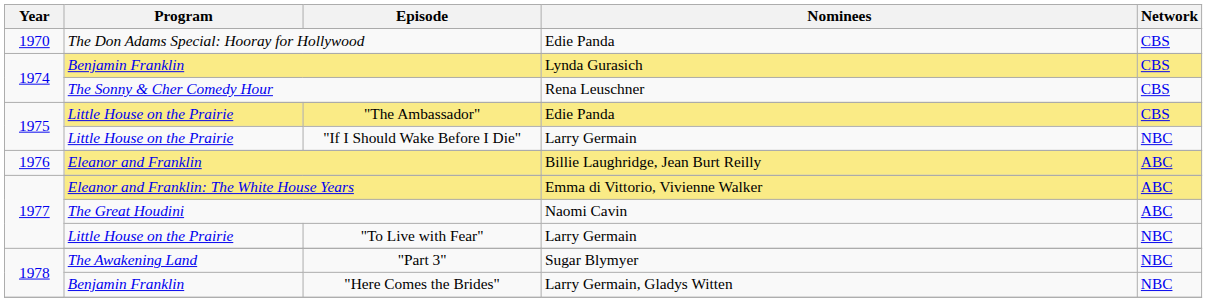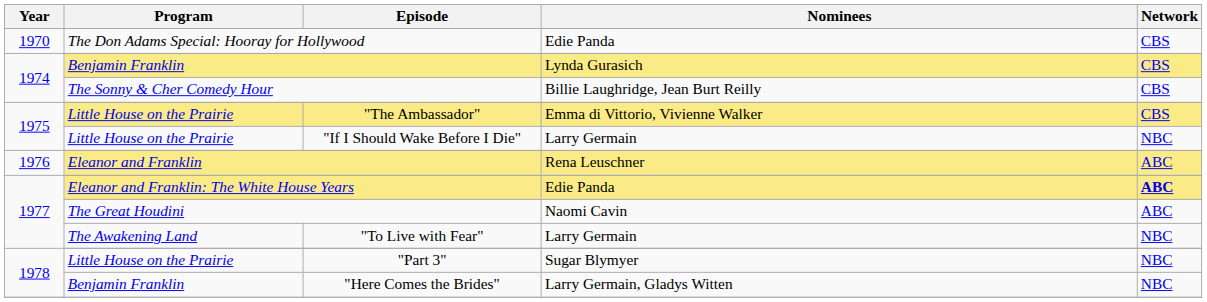 <table class="wikitable">
 <tr>
 <th width="5%">Year</th>
 <th width="20%">Program</th>
 <th width="20%">Episode</th>
 <th width="50%">Nominees</th>
 <th width="5%">Network</th>
 </tr>
 <tr>
 <td rowspan="2" style="text-align:center;"><a href='#'>1970</a></td>
 </tr>
 <tr>
 <td colspan=2><em>The Don Adams Special: Hooray for Hollywood</em></td>
 <td>Edie Panda</td>
 <td><a href='#'>CBS</a></td>
 </tr>
 <tr>
 <td rowspan="3" style="text-align:center;"><a href='#'>1974</a><br></td>
 </tr>
 <tr style="background:#FAEB86;">
 <td colspan=2><em><a href='#'>Benjamin Franklin</a></em></td>
 <td>Lynda Gurasich</td>
 <td><a href='#'>CBS</a></td>
 </tr>
 <tr>
 <td colspan=2><em><a href='#'>The Sonny & Cher Comedy Hour</a></em></td>
-<td>Rena Leuschner</td>
+<td>Billie Laughridge, Jean Burt Reilly</td>
 <td><a href='#'>CBS</a></td>
 </tr>
 <tr>
 <td rowspan="3" style="text-align:center;"><a href='#'>1975</a><br></td>
 </tr>
 <tr style="background:#FAEB86;">
 <td><em><a href='#'>Little House on the Prairie</a></em></td>
 <td align=center>"The Ambassador"</td>
-<td>Edie Panda</td>
+<td>Emma di Vittorio, Vivienne Walker</td>
 <td><a href='#'>CBS</a></td>
 </tr>
 <tr>
 <td><em><a href='#'>Little House on the Prairie</a></em></td>
 <td align=center>"If I Should Wake Before I Die"</td>
 <td>Larry Germain</td>
 <td><a href='#'>NBC</a></td>
 </tr>
 <tr>
 <td rowspan="2" style="text-align:center;"><a href='#'>1976</a></td>
 </tr>
 <tr style="background:#FAEB86;">
 <td colspan=2><em><a href='#'>Eleanor and Franklin</a></em></td>
-<td>Billie Laughridge, Jean Burt Reilly</td>
+<td>Rena Leuschner</td>
 <td><a href='#'>ABC</a></td>
 </tr>
 <tr>
 <td rowspan="4" style="text-align:center;"><a href='#'>1977</a><br></td>
 </tr>
 <tr style="background:#FAEB86;">
 <td colspan=2><em><a href='#'>Eleanor and Franklin: The White House Years</a></em></td>
-<td>Emma di Vittorio, Vivienne Walker</td>
-<td><a href='#'>ABC</a></td>
+<td>Edie Panda</td>
+<td><strong><a href='#'>ABC</a></strong></td>
 </tr>
 <tr>
 <td colspan=2><em><a href='#'>The Great Houdini</a></em></td>
 <td>Naomi Cavin</td>
 <td><a href='#'>ABC</a></td>
 </tr>
 <tr>
-<td><em><a href='#'>Little House on the Prairie</a></em></td>
+<td><em><a href='#'>The Awakening Land</a></em></td>
 <td align=center>"To Live with Fear"</td>
 <td>Larry Germain</td>
 <td><a href='#'>NBC</a></td>
 </tr>
 <tr>
 <td rowspan="3" style="text-align:center;"><a href='#'>1978</a><br></td>
 </tr>
 <tr>
-<td><em><a href='#'>The Awakening Land</a></em></td>
+<td><em><a href='#'>Little House on the Prairie</a></em></td>
 <td align=center>"Part 3"</td>
 <td>Sugar Blymyer</td>
 <td><a href='#'>NBC</a></td>
 </tr>
 <tr>
 <td><em><a href='#'>Benjamin Franklin</a></em></td>
 <td align=center>"Here Comes the Brides"</td>
 <td>Larry Germain, Gladys Witten</td>
 <td><a href='#'>NBC</a></td>
 </tr>
 <tr>
 </tr>
 </table>
